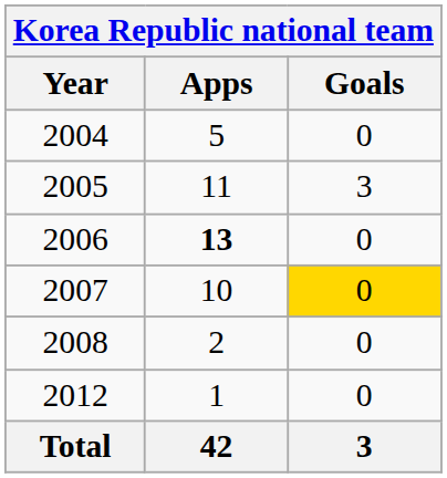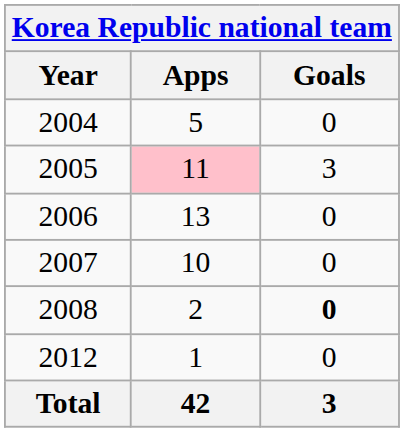 <table class="wikitable" style="text-align:center">
 <tr>
 <th colspan=3><a href='#'>Korea Republic national team</a></th>
 </tr>
 <tr>
 <th>Year</th>
 <th>Apps</th>
 <th>Goals</th>
 </tr>
 <tr>
 <td>2004</td>
 <td>5</td>
 <td>0</td>
 </tr>
 <tr>
 <td>2005</td>
-<td>11</td>
+<td style="background: pink;">11</td>
 <td>3</td>
 </tr>
 <tr>
 <td>2006</td>
-<td><strong>13</strong></td>
+<td>13</td>
 <td>0</td>
 </tr>
 <tr>
 <td>2007</td>
 <td>10</td>
-<td style="background: gold;">0</td>
+<td>0</td>
 </tr>
 <tr>
 <td>2008</td>
 <td>2</td>
-<td>0</td>
+<td><strong>0</strong></td>
 </tr>
 <tr>
 <td>2012</td>
 <td>1</td>
 <td>0</td>
 </tr>
 <tr>
 <th>Total</th>
 <th>42</th>
 <th>3</th>
 </tr>
 </table>
